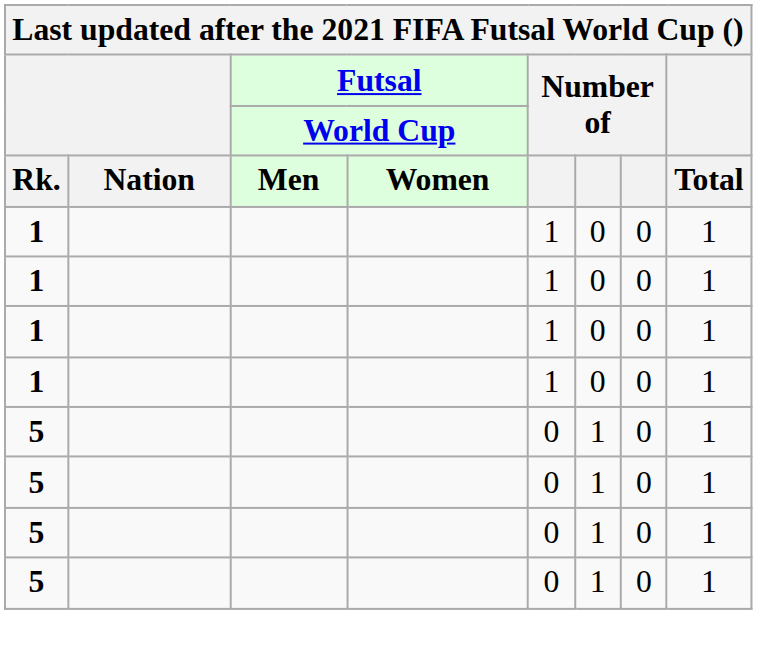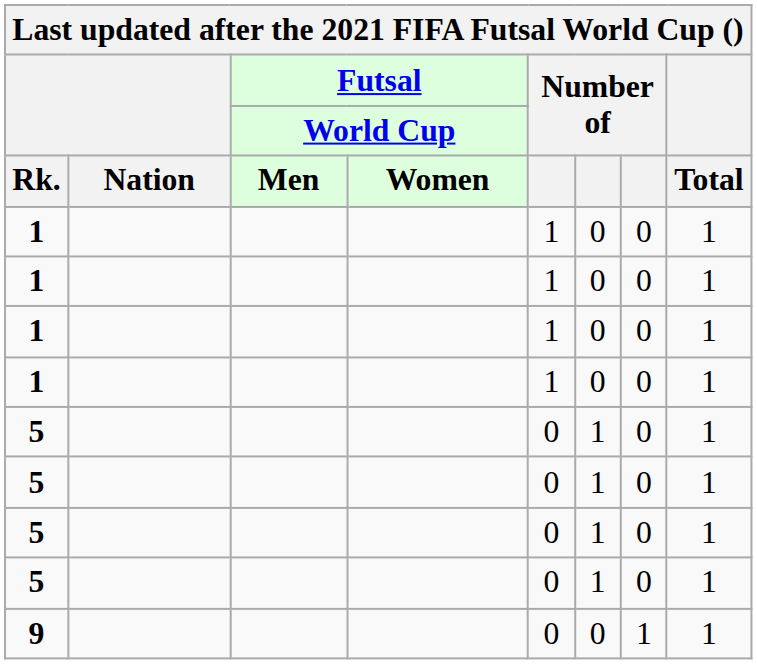 <table class="wikitable" style="margin-top: 0em; text-align: center; font-size: 100%;">
 <tr>
 <th colspan="8">Last updated after the 2021 FIFA Futsal World Cup ()</th>
 </tr>
 <tr>
 <th rowspan="2" colspan="2"></th>
 <th colspan="2" style="background: #dfd;"><a href='#'>Futsal</a></th>
 <th rowspan="2" colspan="3">Number of</th>
 <th rowspan="2"></th>
 </tr>
 <tr>
 <th colspan="2" style="background: #dfd;"><a href='#'>World Cup</a></th>
 </tr>
 <tr>
 <th style="width: 1em;">Rk.</th>
 <th>Nation</th>
 <th style="background: #dfd;">Men</th>
 <th style="background: #dfd;">Women</th>
 <th style="width: 1em;"></th>
 <th style="width: 1em;"></th>
 <th style="width: 1em;"></th>
 <th style="width: 1em;">Total</th>
 </tr>
 <tr>
 <td><strong>1</strong></td>
 <td style="text-align: left;"></td>
 <td></td>
 <td></td>
 <td>1</td>
 <td>0</td>
 <td>0</td>
 <td>1</td>
 </tr>
 <tr>
 <td><strong>1</strong></td>
 <td style="text-align: left;"></td>
 <td></td>
 <td></td>
 <td>1</td>
 <td>0</td>
 <td>0</td>
 <td>1</td>
 </tr>
 <tr>
 <td><strong>1</strong></td>
 <td style="text-align: left;"></td>
 <td></td>
 <td></td>
 <td>1</td>
 <td>0</td>
 <td>0</td>
 <td>1</td>
 </tr>
 <tr>
 <td><strong>1</strong></td>
 <td style="text-align: left;"></td>
 <td></td>
 <td></td>
 <td>1</td>
 <td>0</td>
 <td>0</td>
 <td>1</td>
 </tr>
 <tr>
 <td><strong>5</strong></td>
 <td style="text-align: left;"></td>
 <td></td>
 <td></td>
 <td>0</td>
 <td>1</td>
 <td>0</td>
 <td>1</td>
 </tr>
 <tr>
 <td><strong>5</strong></td>
 <td style="text-align: left;"></td>
 <td></td>
 <td></td>
 <td>0</td>
 <td>1</td>
 <td>0</td>
 <td>1</td>
 </tr>
 <tr>
 <td><strong>5</strong></td>
 <td style="text-align: left;"></td>
 <td></td>
 <td></td>
 <td>0</td>
 <td>1</td>
 <td>0</td>
 <td>1</td>
 </tr>
 <tr>
 <td><strong>5</strong></td>
 <td style="text-align: left;"></td>
 <td></td>
 <td></td>
 <td>0</td>
 <td>1</td>
 <td>0</td>
 <td>1</td>
 </tr>
+<tr>
+<td><strong>9</strong></td>
+<td style="text-align: left;"></td>
+<td></td>
+<td></td>
+<td>0</td>
+<td>0</td>
+<td>1</td>
+<td>1</td>
+</tr>
 </table>
